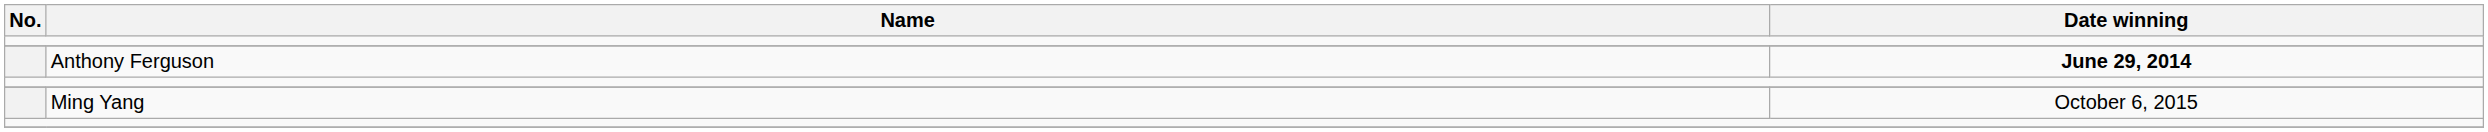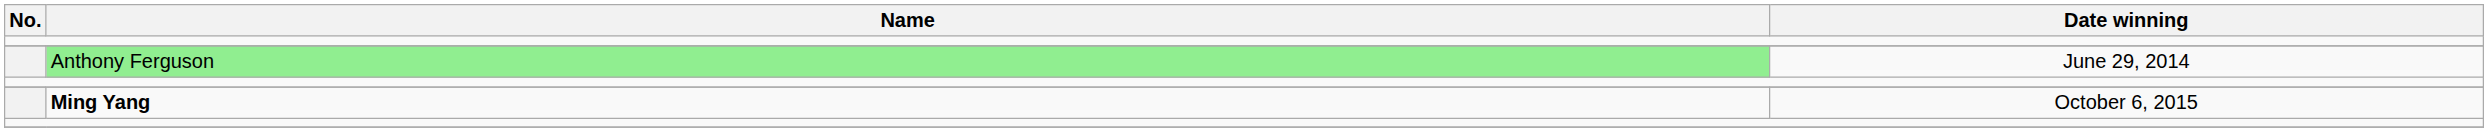 <table class="wikitable" width=100%>
 <tr>
 <th style="width:1%;">No.</th>
 <th style="width:70%;">Name</th>
 <th style="width:29%;">Date winning</th>
 </tr>
 <tr>
 <td colspan="6"></td>
 </tr>
 <tr>
 </tr>
 <tr align=center>
 <th></th>
-<td align=left> Anthony Ferguson</td>
-<td><strong>June 29, 2014</strong></td>
+<td align=left style="background: lightgreen;"> Anthony Ferguson</td>
+<td>June 29, 2014</td>
 </tr>
 <tr>
 <td colspan="6"></td>
 </tr>
 <tr>
 </tr>
 <tr align=center>
 <th></th>
-<td align=left> Ming Yang</td>
+<td align=left><strong> Ming Yang</strong></td>
 <td>October 6, 2015</td>
 </tr>
 <tr>
 <td colspan="6"></td>
 </tr>
 <tr>
 </tr>
 </table>
